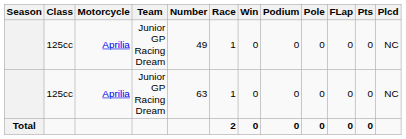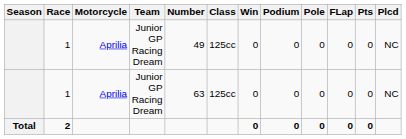 <table class="wikitable" style=text-align:right>
 <tr>
 <th>Season</th>
-<th>Class</th>
+<th>Race</th>
 <th>Motorcycle</th>
 <th>Team</th>
 <th>Number</th>
-<th>Race</th>
+<th>Class</th>
 <th>Win</th>
 <th>Podium</th>
 <th>Pole</th>
 <th>FLap</th>
 <th>Pts</th>
 <th>Plcd</th>
 </tr>
 <tr>
 <th></th>
-<td>125cc</td>
+<td>1</td>
 <td><a href='#'>Aprilia</a></td>
 <td>Junior GP Racing Dream</td>
 <td>49</td>
-<td>1</td>
+<td>125cc</td>
 <td>0</td>
 <td>0</td>
 <td>0</td>
 <td>0</td>
 <td>0</td>
 <td>NC</td>
 </tr>
 <tr>
 <th></th>
-<td>125cc</td>
+<td>1</td>
 <td><a href='#'>Aprilia</a></td>
 <td>Junior GP Racing Dream</td>
 <td>63</td>
-<td>1</td>
+<td>125cc</td>
 <td>0</td>
 <td>0</td>
 <td>0</td>
 <td>0</td>
 <td>0</td>
 <td>NC</td>
 </tr>
 <tr>
 <th>Total</th>
+<td><strong>2</strong></td>
 <td></td>
 <td></td>
 <td></td>
 <td></td>
-<td><strong>2</strong></td>
 <td><strong>0</strong></td>
 <td><strong>0</strong></td>
 <td><strong>0</strong></td>
 <td><strong>0</strong></td>
 <td><strong>0</strong></td>
 <td></td>
 </tr>
 </table>
